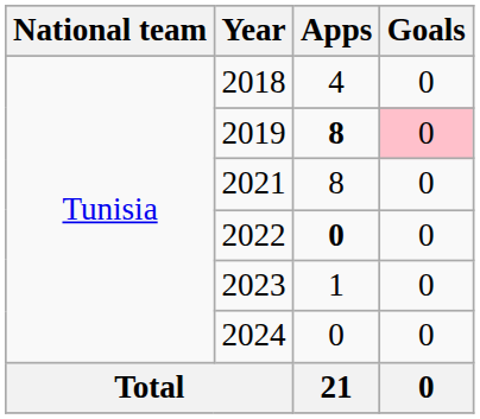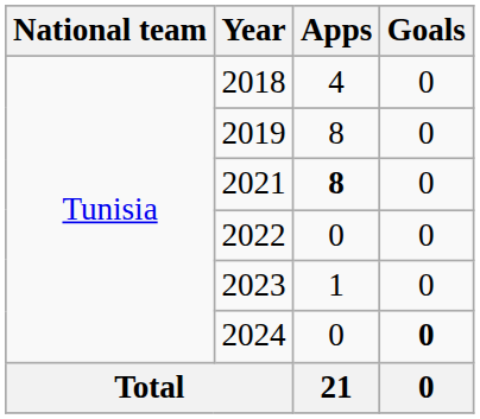 <table class="wikitable" style="text-align:center">
 <tr>
 <th>National team</th>
 <th>Year</th>
 <th>Apps</th>
 <th>Goals</th>
 </tr>
 <tr>
 <td rowspan="6"><a href='#'>Tunisia</a></td>
 <td>2018</td>
 <td>4</td>
 <td>0</td>
 </tr>
 <tr>
 <td>2019</td>
-<td><strong>8</strong></td>
-<td style="background: pink;">0</td>
-</tr>
-<tr>
-<td>2021</td>
 <td>8</td>
 <td>0</td>
 </tr>
 <tr>
+<td>2021</td>
+<td><strong>8</strong></td>
+<td>0</td>
+</tr>
+<tr>
 <td>2022</td>
-<td><strong>0</strong></td>
+<td>0</td>
 <td>0</td>
 </tr>
 <tr>
 <td>2023</td>
 <td>1</td>
 <td>0</td>
 </tr>
 <tr>
 <td>2024</td>
 <td>0</td>
-<td>0</td>
+<td><strong>0</strong></td>
 </tr>
 <tr>
 <th colspan="2">Total</th>
 <th>21</th>
 <th>0</th>
 </tr>
 </table>
